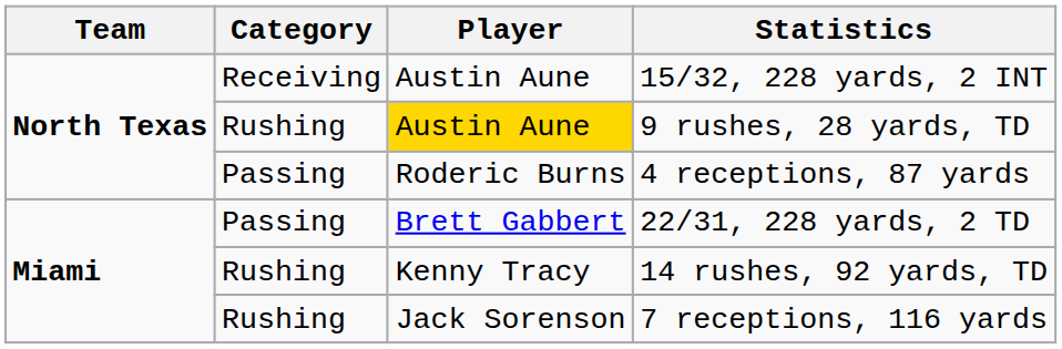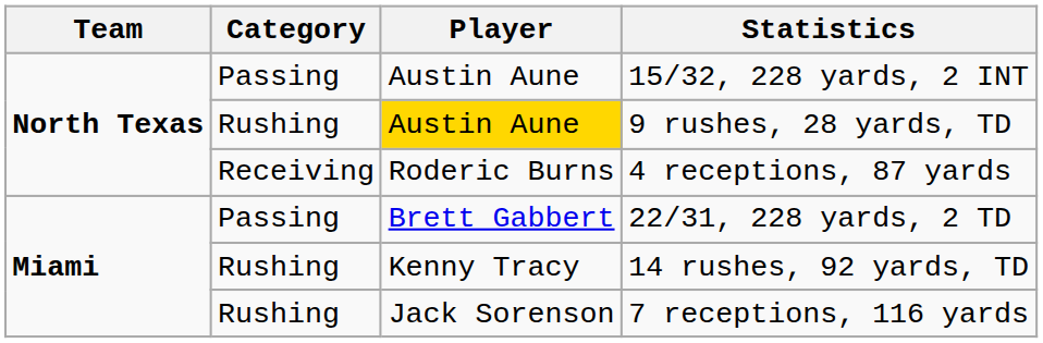 <table class="wikitable" style="float: left;">
 <tr>
 <th>Team</th>
 <th>Category</th>
 <th>Player</th>
 <th>Statistics</th>
 </tr>
 <tr>
 <td rowspan=3><strong>North Texas</strong></td>
-<td>Receiving</td>
+<td>Passing</td>
 <td>Austin Aune</td>
 <td>15/32, 228 yards, 2 INT</td>
 </tr>
 <tr>
 <td>Rushing</td>
 <td style="background: gold;">Austin Aune</td>
 <td>9 rushes, 28 yards, TD</td>
 </tr>
 <tr>
-<td>Passing</td>
+<td>Receiving</td>
 <td>Roderic Burns</td>
 <td>4 receptions, 87 yards</td>
 </tr>
 <tr>
 <td rowspan=3><strong>Miami</strong></td>
 <td>Passing</td>
 <td><a href='#'>Brett Gabbert</a></td>
 <td>22/31, 228 yards, 2 TD</td>
 </tr>
 <tr>
 <td>Rushing</td>
 <td>Kenny Tracy</td>
 <td>14 rushes, 92 yards, TD</td>
 </tr>
 <tr>
 <td>Rushing</td>
 <td>Jack Sorenson</td>
 <td>7 receptions, 116 yards</td>
 </tr>
 </table>
